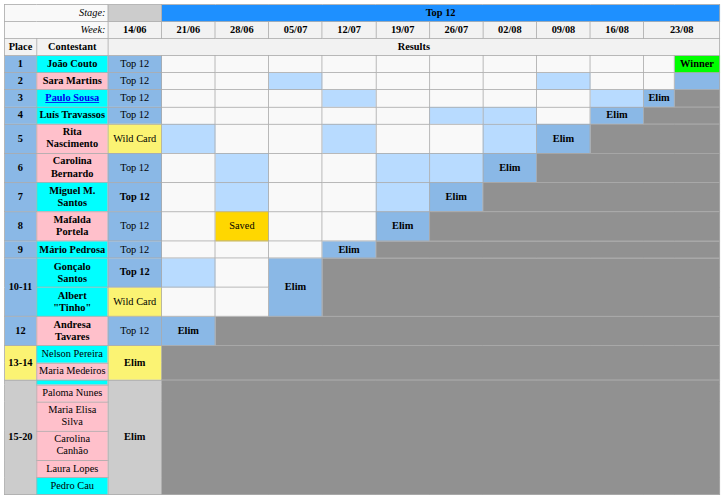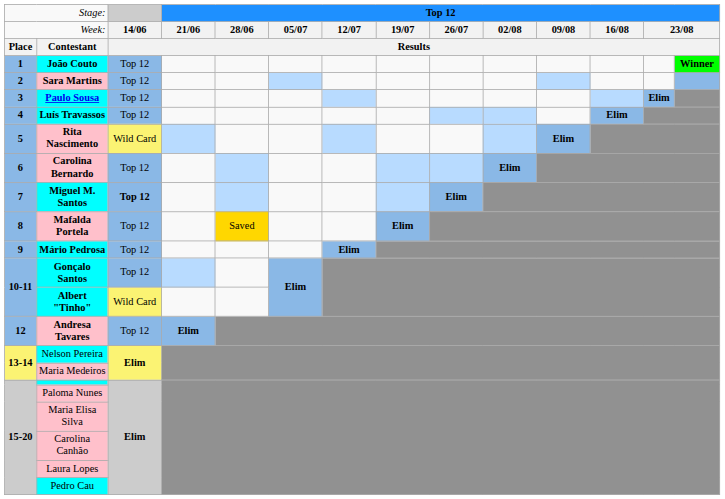 <table class="wikitable" style="margin:1em auto; text-align:center; font-size:80%">
 <tr>
 <td colspan="2" align="right"><em>Stage:</em></td>
 <td style="background:#ccc; text-align:center;"></td>
 <td colspan=11 style="background:#1E90FF; text-align:center;"><strong>Top 12</strong></td>
 </tr>
 <tr>
 <td colspan="2" style="text-align:right;"><em>Week:</em></td>
 <th width="6%">14/06</th>
 <th width="6%">21/06</th>
 <th width="6%">28/06</th>
 <th width="6%">05/07</th>
 <th width="6%">12/07</th>
 <th width="6%">19/07</th>
 <th width="6%">26/07</th>
 <th width="6%">02/08</th>
 <th width="6%">09/08</th>
 <th width="6%">16/08</th>
 <th colspan=2 width="6%">23/08</th>
 </tr>
 <tr>
 <th width="2%">Place</th>
 <th width="8%">Contestant</th>
 <th colspan="12" style="text-align:center;">Results</th>
 </tr>
 <tr>
 <td style="background:#8ab8e6;"><strong>1</strong></td>
 <td style="background:cyan; text-align:center;"><strong>João Couto</strong></td>
 <td style="background:#8ab8e6;">Top 12</td>
 <td></td>
 <td></td>
 <td></td>
 <td></td>
 <td></td>
 <td></td>
 <td></td>
 <td></td>
 <td></td>
 <td></td>
 <td style="background:Lime;"><strong>Winner</strong></td>
 </tr>
 <tr>
 <td style="background:#8ab8e6;"><strong>2</strong></td>
 <td style="background:pink; text-align:center;"><strong>Sara Martins</strong></td>
 <td style="background:#8ab8e6;">Top 12</td>
 <td></td>
 <td></td>
 <td style="background:#b8dbff;"></td>
 <td></td>
 <td></td>
 <td></td>
 <td></td>
 <td style="background:#b8dbff;"></td>
 <td></td>
 <td></td>
 <td style="background:#8ab8e6;"></td>
 </tr>
 <tr>
 <td style="background:#8ab8e6;"><strong>3</strong></td>
 <td style="background:cyan; text-align:center;"><strong><a href='#'>Paulo Sousa</a></strong></td>
 <td style="background:#8ab8e6;">Top 12</td>
 <td></td>
 <td></td>
 <td></td>
 <td style="background:#b8dbff;"></td>
 <td></td>
 <td></td>
 <td></td>
 <td></td>
 <td style="background:#b8dbff;"></td>
 <td style="background:#8ab8e6;"><strong>Elim</strong></td>
 <td style="background:#919191;" colspan="2"></td>
 </tr>
 <tr>
 <td style="background:#8ab8e6;"><strong>4</strong></td>
 <td style="background:cyan; text-align:center;"><strong>Luís Travassos</strong></td>
 <td style="background:#8ab8e6;">Top 12</td>
 <td></td>
 <td></td>
 <td></td>
 <td></td>
 <td></td>
 <td style="background:#b8dbff;"></td>
 <td style="background:#b8dbff;"></td>
 <td></td>
 <td style="background:#8ab8e6;"><strong>Elim</strong></td>
 <td style="background:#919191;" colspan="2"></td>
 </tr>
 <tr>
 <td style="background:#8ab8e6;"><strong>5</strong></td>
 <td style="background:pink; text-align:center;"><strong>Rita Nascimento</strong></td>
 <td style="background:#fbf373;">Wild Card</td>
 <td style="background:#b8dbff;"></td>
 <td></td>
 <td></td>
 <td style="background:#b8dbff;"></td>
 <td></td>
 <td></td>
 <td style="background:#b8dbff;"></td>
 <td style="background:#8ab8e6;"><strong>Elim</strong></td>
 <td style="background:#919191;" colspan="3"></td>
 </tr>
 <tr>
 <td style="background:#8ab8e6;"><strong>6</strong></td>
 <td style="background:pink; text-align:center;"><strong>Carolina Bernardo</strong></td>
 <td style="background:#8ab8e6;">Top 12</td>
 <td></td>
 <td style="background:#b8dbff;"></td>
 <td></td>
 <td></td>
 <td style="background:#b8dbff;"></td>
 <td style="background:#b8dbff;"></td>
 <td style="background:#8ab8e6;"><strong>Elim</strong></td>
 <td style="background:#919191;" colspan="4"></td>
 </tr>
 <tr>
 <td style="background:#8ab8e6;"><strong>7</strong></td>
 <td style="background:cyan; text-align:center;"><strong>Miguel M. Santos</strong></td>
 <td style="background:#8ab8e6;"><strong>Top 12</strong></td>
 <td></td>
 <td style="background:#b8dbff;"></td>
 <td></td>
 <td></td>
 <td style="background:#b8dbff;"></td>
 <td style="background:#8ab8e6;"><strong>Elim</strong></td>
 <td style="background:#919191;" colspan="5"></td>
 </tr>
 <tr>
 <td style="background:#8ab8e6;"><strong>8</strong></td>
 <td style="background:pink; text-align:center;"><strong>Mafalda Portela</strong></td>
 <td style="background:#8ab8e6;">Top 12</td>
 <td></td>
 <td style="background:gold;">Saved</td>
 <td></td>
 <td></td>
 <td style="background:#8ab8e6;"><strong>Elim</strong></td>
 <td style="background:#919191;" colspan="6"></td>
 </tr>
 <tr>
 <td style="background:#8ab8e6;"><strong>9</strong></td>
 <td style="background:cyan; text-align:center;"><strong>Mário Pedrosa</strong></td>
 <td style="background:#8ab8e6;">Top 12</td>
 <td></td>
 <td></td>
 <td></td>
 <td style="background:#8ab8e6;"><strong>Elim</strong></td>
 <td style="background:#919191;" colspan="7"></td>
 </tr>
 <tr>
 <td style="background:#8ab8e6;" rowspan=2><strong>10-11</strong></td>
 <td style="background:cyan; text-align:center;"><strong>Gonçalo Santos</strong></td>
-<td style="background:#8ab8e6;"><strong>Top 12</strong></td>
+<td style="background:#8ab8e6;">Top 12</td>
 <td style="background:#b8dbff;"></td>
 <td></td>
 <td style="background:#8ab8e6;" rowspan=2><strong>Elim</strong></td>
 <td style="background:#919191;" rowspan=2 colspan="8"></td>
 </tr>
 <tr>
 <td style="background:cyan; text-align:center;"><strong>Albert "Tinho"</strong></td>
 <td style="background:#fbf373;">Wild Card</td>
 <td></td>
 <td></td>
 </tr>
 <tr>
 <td style="background:#8ab8e6;"><strong>12</strong></td>
 <td style="background:pink; text-align:center;"><strong>Andresa Tavares</strong></td>
 <td style="background:#8ab8e6;">Top 12</td>
 <td style="background:#8ab8e6;"><strong>Elim</strong></td>
 <td style="background:#919191;" colspan="10"></td>
 </tr>
 <tr>
 <td style="background:#fbf373;" rowspan="2"><strong>13-14</strong></td>
 <td style="background:cyan; text-align:center;">Nelson Pereira</td>
 <td style="background:#fbf373;" rowspan="2"><strong>Elim</strong></td>
 <td style="background:#919191;" colspan="14" rowspan="2"></td>
 </tr>
 <tr>
 <td style="background:pink; text-align:center;">Maria Medeiros</td>
 </tr>
 <tr>
 <td style="background:#ccc;" rowspan="6"><strong>15-20</strong></td>
 <td style="background:cyan; text-align:center;"></td>
 <td style="background:#ccc;" rowspan="6"><strong>Elim</strong></td>
 <td style="background:#919191;" colspan="14" rowspan="6"></td>
 </tr>
 <tr>
 <td style="background:pink; text-align:center;">Paloma Nunes</td>
 </tr>
 <tr>
 <td style="background:pink; text-align:center;">Maria Elisa Silva</td>
 </tr>
 <tr>
 <td style="background:pink; text-align:center;">Carolina Canhão</td>
 </tr>
 <tr>
 <td style="background:pink; text-align:center;">Laura Lopes</td>
 </tr>
 <tr>
 <td style="background:cyan; text-align:center;">Pedro Cau</td>
 </tr>
 </table>
